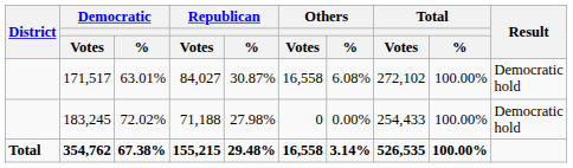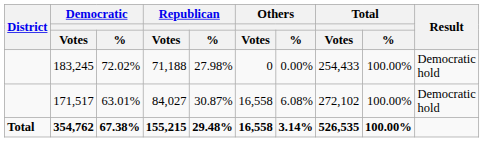 <table class="wikitable plainrowheaders sortable" style="font-size:100%; text-align:right;">
 <tr>
 <th scope=col rowspan=3><a href='#'>District</a></th>
 <th scope=col colspan=2><a href='#'>Democratic</a></th>
 <th scope=col colspan=2><a href='#'>Republican</a></th>
 <th scope=col colspan=2>Others</th>
 <th scope=col colspan=2>Total</th>
 <th scope=col rowspan=3>Result</th>
 </tr>
 <tr>
 <th scope=col colspan=2 style="background:"></th>
 <th scope=col colspan=2 style="background:"></th>
 <th scope=col colspan=2></th>
 <th scope=col colspan=2></th>
 </tr>
 <tr>
 <th scope=col data-sort-type="number">Votes</th>
 <th scope=col data-sort-type="number">%</th>
 <th scope=col data-sort-type="number">Votes</th>
 <th scope=col data-sort-type="number">%</th>
 <th scope=col data-sort-type="number">Votes</th>
 <th scope=col data-sort-type="number">%</th>
 <th scope=col data-sort-type="number">Votes</th>
 <th scope=col data-sort-type="number">%</th>
 </tr>
 <tr>
 <td align=left></td>
+<td>183,245</td>
+<td>72.02%</td>
+<td>71,188</td>
+<td>27.98%</td>
+<td>0</td>
+<td>0.00%</td>
+<td>254,433</td>
+<td>100.00%</td>
+<td align=left>Democratic hold</td>
+</tr>
+<tr>
+<td align=left></td>
 <td>171,517</td>
 <td>63.01%</td>
 <td>84,027</td>
 <td>30.87%</td>
 <td>16,558</td>
 <td>6.08%</td>
 <td>272,102</td>
-<td>100.00%</td>
-<td align=left>Democratic hold</td>
-</tr>
-<tr>
-<td align=left></td>
-<td>183,245</td>
-<td>72.02%</td>
-<td>71,188</td>
-<td>27.98%</td>
-<td>0</td>
-<td>0.00%</td>
-<td>254,433</td>
 <td>100.00%</td>
 <td align=left>Democratic hold</td>
 </tr>
 <tr class="sortbottom" style="font-weight:bold">
 <td align=left>Total</td>
 <td>354,762</td>
 <td>67.38%</td>
 <td>155,215</td>
 <td>29.48%</td>
 <td>16,558</td>
 <td>3.14%</td>
 <td>526,535</td>
 <td>100.00%</td>
 <td></td>
 </tr>
 </table>
